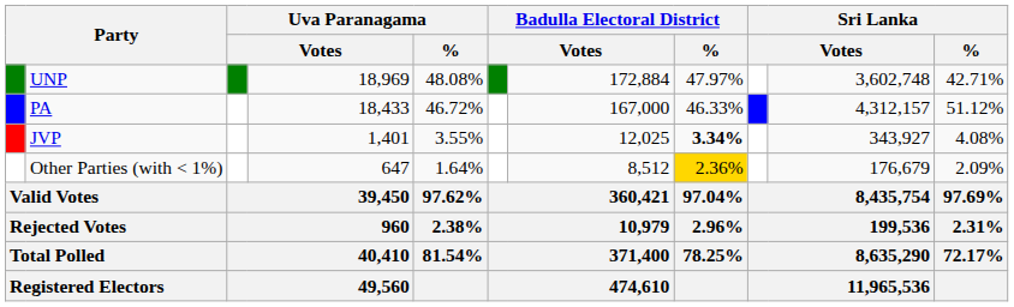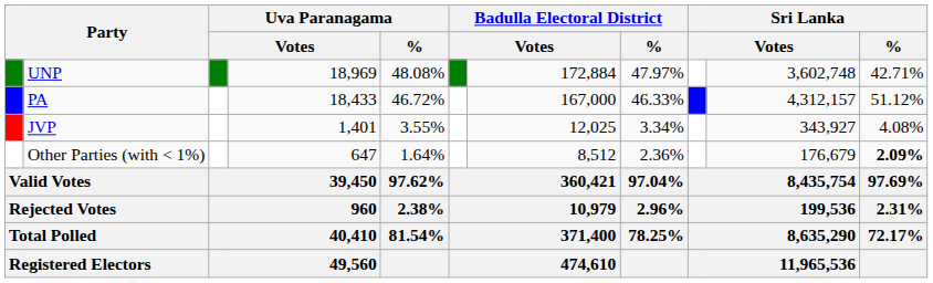 <table class="wikitable">
 <tr>
 <th colspan="2" width="144px"rowspan="2">Party</th>
 <th colspan="3" width="216px">Uva Paranagama</th>
 <th colspan="3" width="216px"><a href='#'>Badulla Electoral District</a></th>
 <th colspan="3" width="216px">Sri Lanka</th>
 </tr>
 <tr>
 <th colspan="2" width="144px">Votes</th>
 <th>%</th>
 <th colspan="2" width="144px">Votes</th>
 <th>%</th>
 <th colspan="2" width="144px">Votes</th>
 <th>%</th>
 </tr>
 <tr>
 <td style="background-color:green;" width="10px"></td>
 <td style="text-align:left;"><a href='#'>UNP</a></td>
 <td style="background-color:green;" width="10px"></td>
 <td style="text-align:right;">18,969</td>
 <td style="text-align:right;">48.08%</td>
 <td style="background-color:green;" width="10px"></td>
 <td style="text-align:right;">172,884</td>
 <td style="text-align:right;">47.97%</td>
 <td style="background-color:white;" width="10px"></td>
 <td style="text-align:right;">3,602,748</td>
 <td style="text-align:right;">42.71%</td>
 </tr>
 <tr>
 <td style="background-color:blue;" width="10px"></td>
 <td style="text-align:left;"><a href='#'>PA</a></td>
 <td style="background-color:white;" width="10px"></td>
 <td style="text-align:right;">18,433</td>
 <td style="text-align:right;">46.72%</td>
 <td style="background-color:white;" width="10px"></td>
 <td style="text-align:right;">167,000</td>
 <td style="text-align:right;">46.33%</td>
 <td style="background-color:blue;" width="10px"></td>
 <td style="text-align:right;">4,312,157</td>
 <td style="text-align:right;">51.12%</td>
 </tr>
 <tr>
 <td style="background-color:red;" width="10px"></td>
 <td style="text-align:left;"><a href='#'>JVP</a></td>
 <td style="background-color:white;" width="10px"></td>
 <td style="text-align:right;">1,401</td>
 <td style="text-align:right;">3.55%</td>
 <td style="background-color:white;" width="10px"></td>
 <td style="text-align:right;">12,025</td>
-<td style="text-align:right;"><strong>3.34%</strong></td>
+<td style="text-align:right;">3.34%</td>
 <td style="background-color:white;" width="10px"></td>
 <td style="text-align:right;">343,927</td>
 <td style="text-align:right;">4.08%</td>
 </tr>
 <tr>
 <td style="background-color:white;" width="10px"></td>
 <td style="text-align:left;">Other Parties (with < 1%)</td>
 <td style="background-color:white;" width="10px"></td>
 <td style="text-align:right;">647</td>
 <td style="text-align:right;">1.64%</td>
 <td style="background-color:white;" width="10px"></td>
 <td style="text-align:right;">8,512</td>
-<td style="background: gold; text-align:right;">2.36%</td>
+<td style="text-align:right;">2.36%</td>
 <td style="background-color:white;" width="10px"></td>
 <td style="text-align:right;">176,679</td>
-<td style="text-align:right;">2.09%</td>
+<td style="text-align:right;"><strong>2.09%</strong></td>
 </tr>
 <tr>
 <th colspan="2" width="144px"style="text-align:left;">Valid Votes</th>
 <th style="text-align:right;"colspan="2" width="144px">39,450</th>
 <th style="text-align:right;">97.62%</th>
 <th style="text-align:right;"colspan="2" width="144px">360,421</th>
 <th style="text-align:right;">97.04%</th>
 <th style="text-align:right;"colspan="2" width="144px">8,435,754</th>
 <th style="text-align:right;">97.69%</th>
 </tr>
 <tr>
 <th colspan="2" width="144px"style="text-align:left;">Rejected Votes</th>
 <th style="text-align:right;"colspan="2" width="144px">960</th>
 <th style="text-align:right;">2.38%</th>
 <th style="text-align:right;"colspan="2" width="144px">10,979</th>
 <th style="text-align:right;">2.96%</th>
 <th style="text-align:right;"colspan="2" width="144px">199,536</th>
 <th style="text-align:right;">2.31%</th>
 </tr>
 <tr>
 <th colspan="2" width="144px"style="text-align:left;">Total Polled</th>
 <th style="text-align:right;"colspan="2" width="144px">40,410</th>
 <th style="text-align:right;">81.54%</th>
 <th style="text-align:right;"colspan="2" width="144px">371,400</th>
 <th style="text-align:right;">78.25%</th>
 <th style="text-align:right;"colspan="2" width="144px">8,635,290</th>
 <th style="text-align:right;">72.17%</th>
 </tr>
 <tr>
 <th colspan="2" width="144px"style="text-align:left;">Registered Electors</th>
 <th style="text-align:right;"colspan="2" width="144px">49,560</th>
 <th></th>
 <th style="text-align:right;"colspan="2" width="144px">474,610</th>
 <th></th>
 <th style="text-align:right;"colspan="2" width="144px">11,965,536</th>
 <th></th>
 </tr>
 </table>
